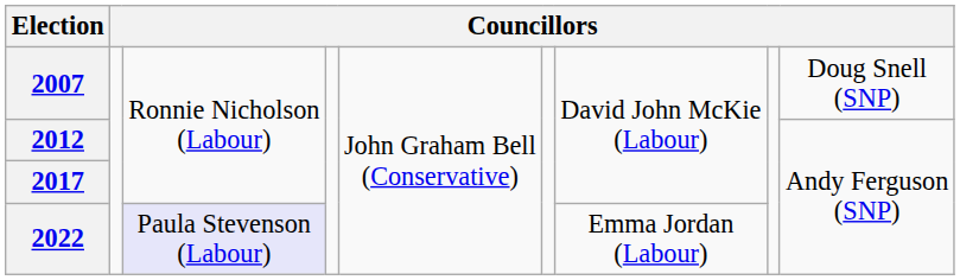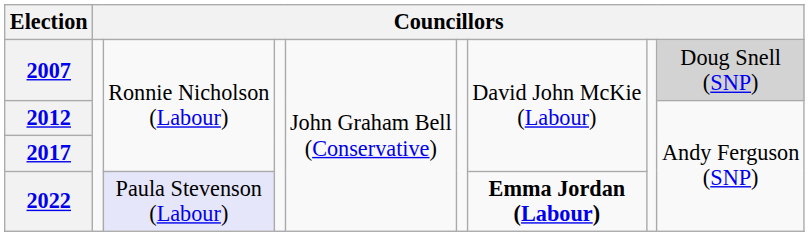 <table class="wikitable" style="text-align:center">
 <tr>
 <th>Election</th>
 <th colspan=8>Councillors</th>
 </tr>
 <tr>
 <th><a href='#'>2007</a></th>
 <td rowspan=4; style="background-color: "></td>
 <td rowspan=3>Ronnie Nicholson<br>(<a href='#'>Labour</a>)</td>
 <td rowspan=4; style="background-color: "></td>
 <td rowspan=4>John Graham Bell<br>(<a href='#'>Conservative</a>)</td>
 <td rowspan=4; style="background-color: "></td>
 <td rowspan=3>David John McKie<br>(<a href='#'>Labour</a>)</td>
 <td rowspan=4; style="background-color: "></td>
-<td rowspan=1>Doug Snell<br>(<a href='#'>SNP</a>)</td>
+<td rowspan=1 style="background: lightgrey;">Doug Snell<br>(<a href='#'>SNP</a>)</td>
 </tr>
 <tr>
 <th><a href='#'>2012</a></th>
 <td rowspan=3>Andy Ferguson<br>(<a href='#'>SNP</a>)</td>
 </tr>
 <tr>
 <th><a href='#'>2017</a></th>
 </tr>
 <tr>
 <th><a href='#'>2022</a></th>
 <td rowspan=1 style="background: lavender;">Paula Stevenson<br>(<a href='#'>Labour</a>)</td>
-<td rowspan=1>Emma Jordan<br>(<a href='#'>Labour</a>)</td>
+<td rowspan=1><strong>Emma Jordan<br>(<a href='#'>Labour</a>)</strong></td>
 </tr>
 </table>
